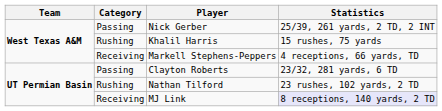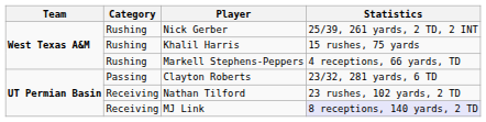 <table class="wikitable" style="float: right;">
 <tr>
 <th>Team</th>
 <th>Category</th>
 <th>Player</th>
 <th>Statistics</th>
 </tr>
 <tr>
 <td rowspan=3><strong>West Texas A&M</strong></td>
-<td>Passing</td>
+<td>Rushing</td>
 <td>Nick Gerber</td>
 <td>25/39, 261 yards, 2 TD, 2 INT</td>
 </tr>
 <tr>
 <td>Rushing</td>
 <td>Khalil Harris</td>
 <td>15 rushes, 75 yards</td>
 </tr>
 <tr>
-<td>Receiving</td>
+<td>Rushing</td>
 <td>Markell Stephens-Peppers</td>
 <td>4 receptions, 66 yards, TD</td>
 </tr>
 <tr>
 <td rowspan=3><strong>UT Permian Basin</strong></td>
 <td>Passing</td>
 <td>Clayton Roberts</td>
 <td>23/32, 281 yards, 6 TD</td>
 </tr>
 <tr>
-<td>Rushing</td>
+<td>Receiving</td>
 <td>Nathan Tilford</td>
 <td>23 rushes, 102 yards, 2 TD</td>
 </tr>
 <tr>
 <td>Receiving</td>
 <td>MJ Link</td>
 <td style="background: lavender;">8 receptions, 140 yards, 2 TD</td>
 </tr>
 </table>
